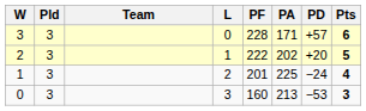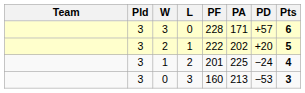 <table class=wikitable style="text-align:center">
 <tr>
+<th width=180>Team</th>
+<th width=30>Pld</th>
 <th width=30>W</th>
-<th width=30>Pld</th>
-<th width=180>Team</th>
 <th width=30>L</th>
 <th width=30>PF</th>
 <th width=30>PA</th>
 <th width=30>PD</th>
 <th width=30>Pts</th>
 </tr>
 <tr align=center bgcolor="#ffffcc">
+<td align=left></td>
 <td>3</td>
 <td>3</td>
-<td align=left></td>
 <td>0</td>
 <td>228</td>
 <td>171</td>
 <td>+57</td>
 <td><strong>6</strong></td>
 </tr>
 <tr align=center bgcolor="#ffffcc">
+<td align=left></td>
+<td>3</td>
 <td>2</td>
-<td>3</td>
-<td align=left></td>
 <td>1</td>
 <td>222</td>
 <td>202</td>
 <td>+20</td>
 <td><strong>5</strong></td>
 </tr>
 <tr>
+<td align=left></td>
+<td>3</td>
 <td>1</td>
-<td>3</td>
-<td align=left></td>
 <td>2</td>
 <td>201</td>
 <td>225</td>
 <td>−24</td>
 <td><strong>4</strong></td>
 </tr>
 <tr>
+<td align=left></td>
+<td>3</td>
 <td>0</td>
-<td>3</td>
-<td align=left></td>
 <td>3</td>
 <td>160</td>
 <td>213</td>
 <td>−53</td>
 <td><strong>3</strong></td>
 </tr>
 </table>
